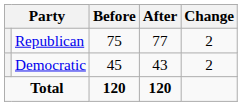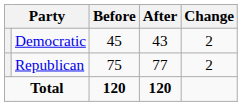 <table class="wikitable" style="text-align:center;">
 <tr>
 <th colspan="2">Party</th>
 <th>Before</th>
 <th>After</th>
 <th>Change</th>
 </tr>
 <tr>
 <th style="background-color:"></th>
-<td style="text-align:left;"><a href='#'>Republican</a></td>
-<td>75</td>
-<td>77</td>
+<td style="text-align:left;"><a href='#'>Democratic</a></td>
+<td>45</td>
+<td>43</td>
 <td> 2</td>
 </tr>
 <tr>
 <th style="background-color:"></th>
-<td style="text-align:left;"><a href='#'>Democratic</a></td>
-<td>45</td>
-<td>43</td>
+<td style="text-align:left;"><a href='#'>Republican</a></td>
+<td>75</td>
+<td>77</td>
 <td> 2</td>
 </tr>
 <tr>
 <td colspan="2"><strong>Total</strong></td>
 <td><strong>120</strong></td>
 <td><strong>120</strong></td>
 <td></td>
 </tr>
 </table>
